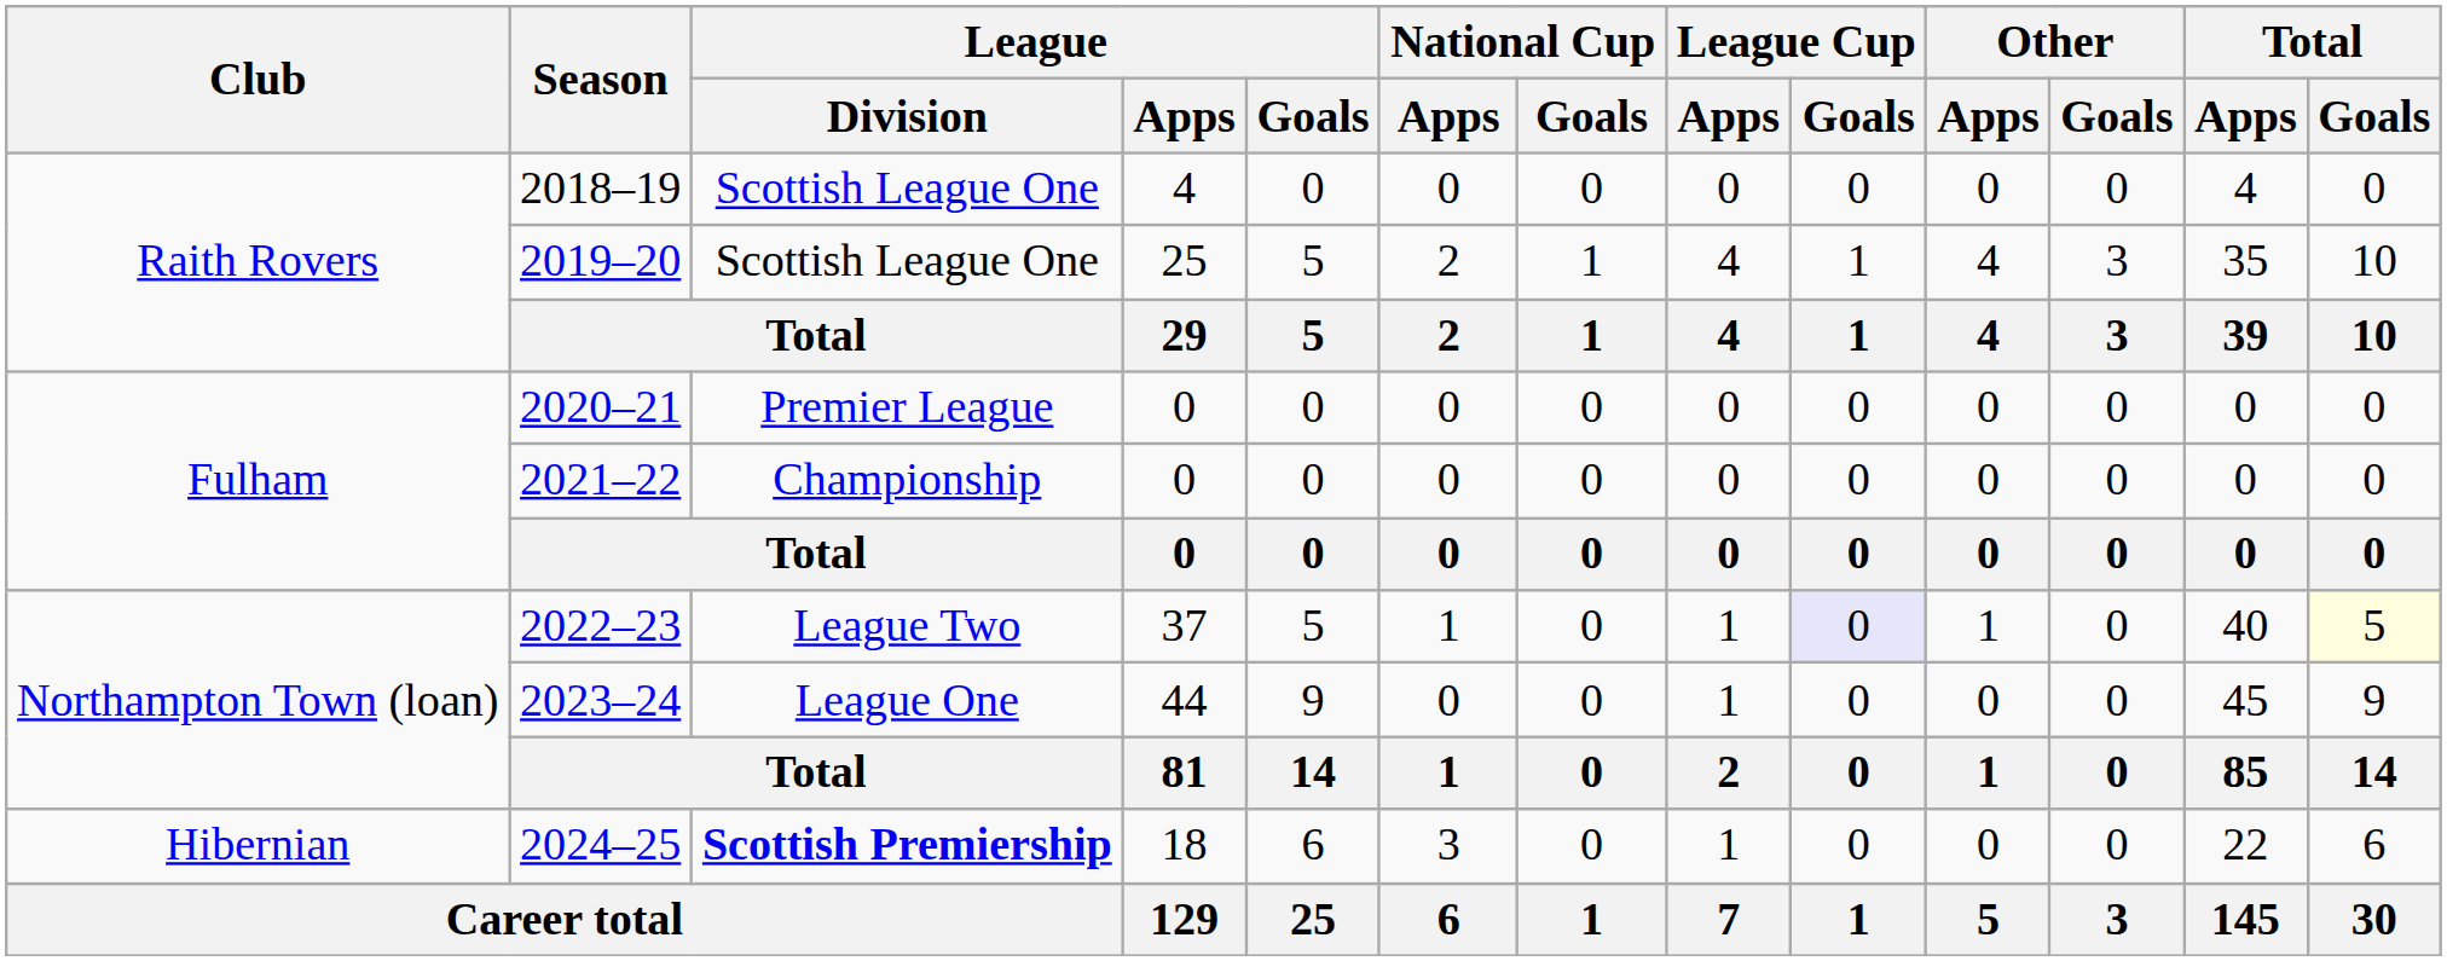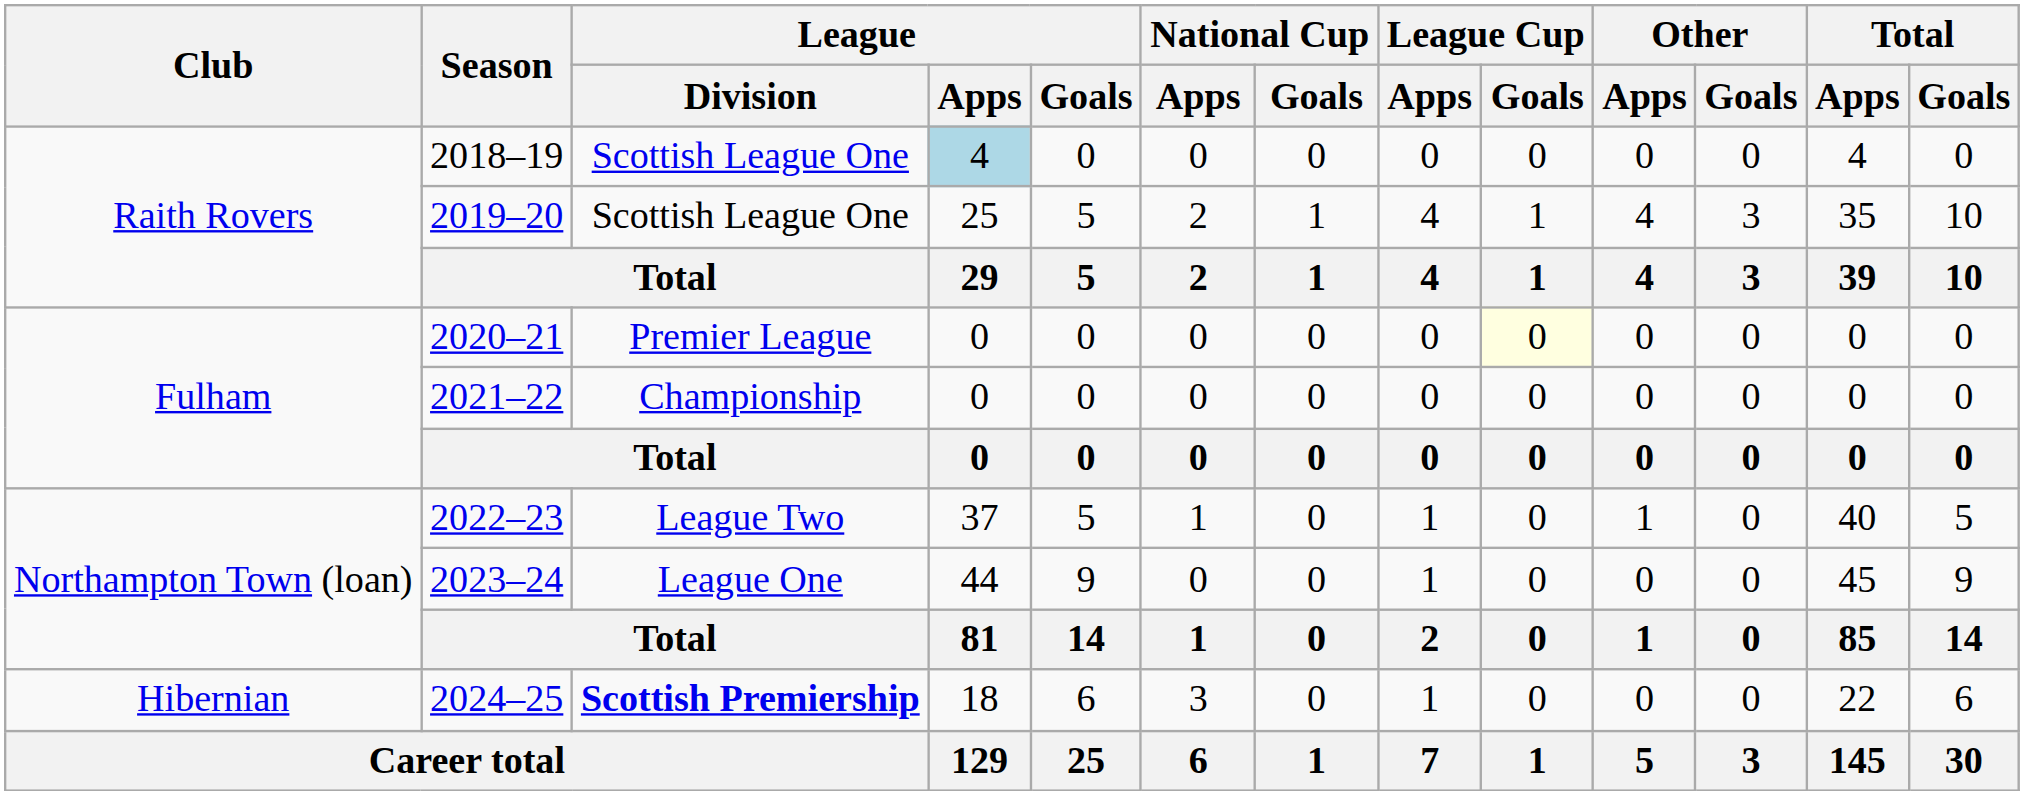 <table class="wikitable" style="text-align: center">
 <tr>
 <th rowspan="2">Club</th>
 <th rowspan="2">Season</th>
 <th colspan="3">League</th>
 <th colspan="2">National Cup</th>
 <th colspan="2">League Cup</th>
 <th colspan="2">Other</th>
 <th colspan="2">Total</th>
 </tr>
 <tr>
 <th>Division</th>
 <th>Apps</th>
 <th>Goals</th>
 <th>Apps</th>
 <th>Goals</th>
 <th>Apps</th>
 <th>Goals</th>
 <th>Apps</th>
 <th>Goals</th>
 <th>Apps</th>
 <th>Goals</th>
 </tr>
 <tr>
 <td rowspan="3"><a href='#'>Raith Rovers</a></td>
 <td>2018–19</td>
 <td><a href='#'>Scottish League One</a></td>
-<td>4</td>
+<td style="background: lightblue;">4</td>
 <td>0</td>
 <td>0</td>
 <td>0</td>
 <td>0</td>
 <td>0</td>
 <td>0</td>
 <td>0</td>
 <td>4</td>
 <td>0</td>
 </tr>
 <tr>
 <td><a href='#'>2019–20</a></td>
 <td>Scottish League One</td>
 <td>25</td>
 <td>5</td>
 <td>2</td>
 <td>1</td>
 <td>4</td>
 <td>1</td>
 <td>4</td>
 <td>3</td>
 <td>35</td>
 <td>10</td>
 </tr>
 <tr>
 <th colspan=2>Total</th>
 <th>29</th>
 <th>5</th>
 <th>2</th>
 <th>1</th>
 <th>4</th>
 <th>1</th>
 <th>4</th>
 <th>3</th>
 <th>39</th>
 <th>10</th>
 </tr>
 <tr>
 <td rowspan="3"><a href='#'>Fulham</a></td>
 <td><a href='#'>2020–21</a></td>
 <td><a href='#'>Premier League</a></td>
 <td>0</td>
 <td>0</td>
 <td>0</td>
 <td>0</td>
 <td>0</td>
-<td>0</td>
+<td style="background: lightyellow;">0</td>
 <td>0</td>
 <td>0</td>
 <td>0</td>
 <td>0</td>
 </tr>
 <tr>
 <td><a href='#'>2021–22</a></td>
 <td><a href='#'>Championship</a></td>
 <td>0</td>
 <td>0</td>
 <td>0</td>
 <td>0</td>
 <td>0</td>
 <td>0</td>
 <td>0</td>
 <td>0</td>
 <td>0</td>
 <td>0</td>
 </tr>
 <tr>
 <th colspan=2>Total</th>
 <th>0</th>
 <th>0</th>
 <th>0</th>
 <th>0</th>
 <th>0</th>
 <th>0</th>
 <th>0</th>
 <th>0</th>
 <th>0</th>
 <th>0</th>
 </tr>
 <tr>
 <td rowspan="3"><a href='#'>Northampton Town</a> (loan)</td>
 <td><a href='#'>2022–23</a></td>
 <td><a href='#'>League Two</a></td>
 <td>37</td>
 <td>5</td>
 <td>1</td>
 <td>0</td>
 <td>1</td>
-<td style="background: lavender;">0</td>
+<td>0</td>
 <td>1</td>
 <td>0</td>
 <td>40</td>
-<td style="background: lightyellow;">5</td>
+<td>5</td>
 </tr>
 <tr>
 <td><a href='#'>2023–24</a></td>
 <td><a href='#'>League One</a></td>
 <td>44</td>
 <td>9</td>
 <td>0</td>
 <td>0</td>
 <td>1</td>
 <td>0</td>
 <td>0</td>
 <td>0</td>
 <td>45</td>
 <td>9</td>
 </tr>
 <tr>
 <th colspan=2>Total</th>
 <th>81</th>
 <th>14</th>
 <th>1</th>
 <th>0</th>
 <th>2</th>
 <th>0</th>
 <th>1</th>
 <th>0</th>
 <th>85</th>
 <th>14</th>
 </tr>
 <tr>
 <td><a href='#'>Hibernian</a></td>
 <td><a href='#'>2024–25</a></td>
 <td><strong><a href='#'>Scottish Premiership</a></strong></td>
 <td>18</td>
 <td>6</td>
 <td>3</td>
 <td>0</td>
 <td>1</td>
 <td>0</td>
 <td>0</td>
 <td>0</td>
 <td>22</td>
 <td>6</td>
 </tr>
 <tr>
 <th colspan="3">Career total</th>
 <th>129</th>
 <th>25</th>
 <th>6</th>
 <th>1</th>
 <th>7</th>
 <th>1</th>
 <th>5</th>
 <th>3</th>
 <th>145</th>
 <th>30</th>
 </tr>
 </table>
